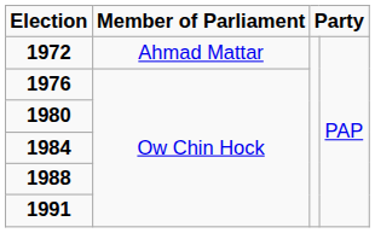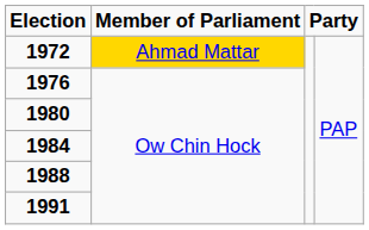 <table class="wikitable" align="center" style="text-align:center">
 <tr>
 <td><strong>Election </strong></td>
 <td><strong>Member of Parliament</strong></td>
 <td colspan="2"><strong>Party</strong></td>
 </tr>
 <tr>
 <td><strong>1972</strong></td>
-<td><a href='#'>Ahmad Mattar</a></td>
+<td style="background: gold;"><a href='#'>Ahmad Mattar</a></td>
 <td rowspan="6"></td>
 <td rowspan="6"><a href='#'>PAP</a></td>
 </tr>
 <tr>
 <td><strong>1976</strong></td>
 <td rowspan="5"><a href='#'>Ow Chin Hock</a></td>
 </tr>
 <tr>
 <td><strong>1980</strong></td>
 </tr>
 <tr>
 <td><strong>1984</strong></td>
 </tr>
 <tr>
 <td><strong>1988</strong></td>
 </tr>
 <tr>
 <td><strong>1991</strong></td>
 </tr>
 </table>
